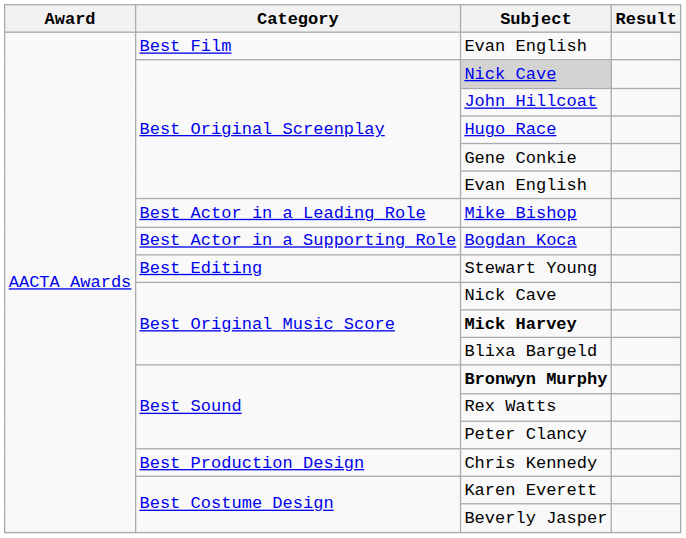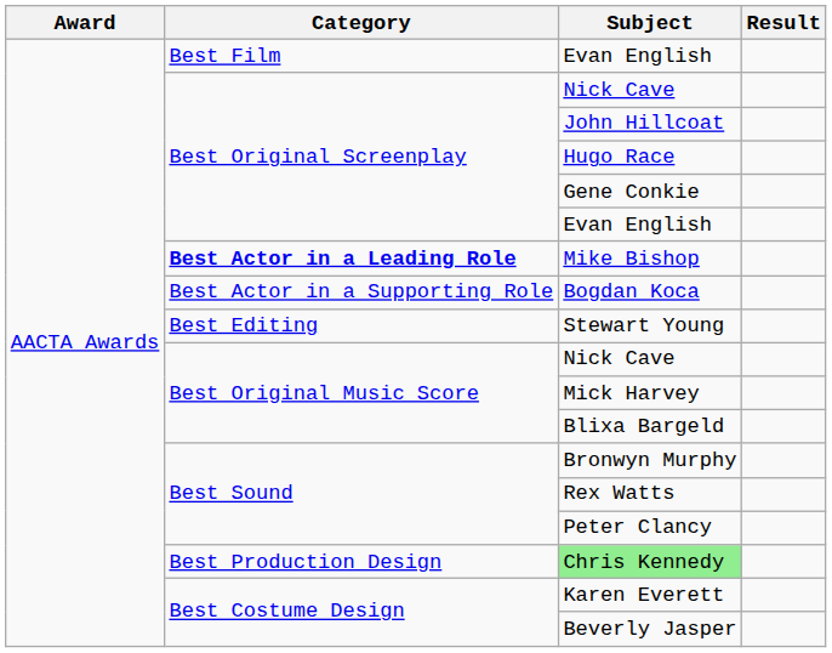 <table class="wikitable">
 <tr>
 <th>Award</th>
 <th>Category</th>
 <th>Subject</th>
 <th>Result</th>
 </tr>
 <tr>
 <td rowspan="18"><a href='#'>AACTA Awards</a><br></td>
 <td><a href='#'>Best Film</a></td>
 <td>Evan English</td>
 <td></td>
 </tr>
 <tr>
 <td rowspan="5"><a href='#'>Best Original Screenplay</a></td>
-<td style="background: lightgrey;"><a href='#'>Nick Cave</a></td>
+<td><a href='#'>Nick Cave</a></td>
 <td></td>
 </tr>
 <tr>
 <td><a href='#'>John Hillcoat</a></td>
 <td></td>
 </tr>
 <tr>
 <td><a href='#'>Hugo Race</a></td>
 <td></td>
 </tr>
 <tr>
 <td>Gene Conkie</td>
 <td></td>
 </tr>
 <tr>
 <td>Evan English</td>
 <td></td>
 </tr>
 <tr>
-<td><a href='#'>Best Actor in a Leading Role</a></td>
+<td><strong><a href='#'>Best Actor in a Leading Role</a></strong></td>
 <td><a href='#'>Mike Bishop</a></td>
 <td></td>
 </tr>
 <tr>
 <td><a href='#'>Best Actor in a Supporting Role</a></td>
 <td><a href='#'>Bogdan Koca</a></td>
 <td></td>
 </tr>
 <tr>
 <td><a href='#'>Best Editing</a></td>
 <td>Stewart Young</td>
 <td></td>
 </tr>
 <tr>
 <td rowspan="3"><a href='#'>Best Original Music Score</a></td>
 <td>Nick Cave</td>
 <td></td>
 </tr>
 <tr>
-<td><strong>Mick Harvey</strong></td>
+<td>Mick Harvey</td>
 <td></td>
 </tr>
 <tr>
 <td>Blixa Bargeld</td>
 <td></td>
 </tr>
 <tr>
 <td rowspan="3"><a href='#'>Best Sound</a></td>
-<td><strong>Bronwyn Murphy</strong></td>
+<td>Bronwyn Murphy</td>
 <td></td>
 </tr>
 <tr>
 <td>Rex Watts</td>
 <td></td>
 </tr>
 <tr>
 <td>Peter Clancy</td>
 <td></td>
 </tr>
 <tr>
 <td><a href='#'>Best Production Design</a></td>
-<td>Chris Kennedy</td>
+<td style="background: lightgreen;">Chris Kennedy</td>
 <td></td>
 </tr>
 <tr>
 <td rowspan="2"><a href='#'>Best Costume Design</a></td>
 <td>Karen Everett</td>
 <td></td>
 </tr>
 <tr>
 <td>Beverly Jasper</td>
 <td></td>
 </tr>
 </table>
